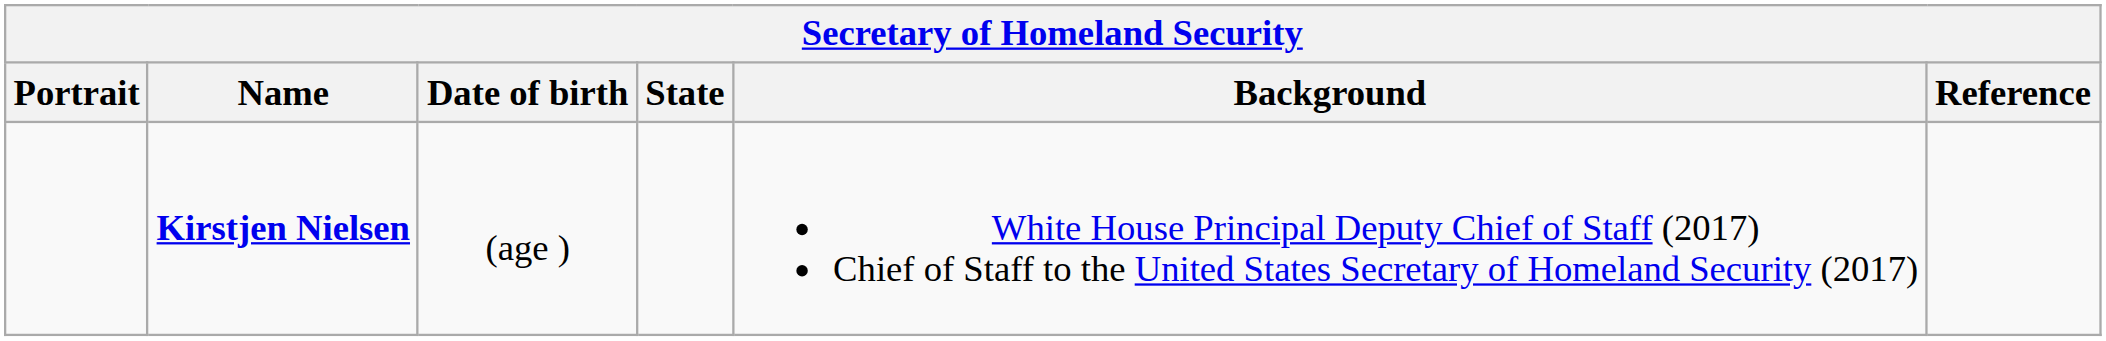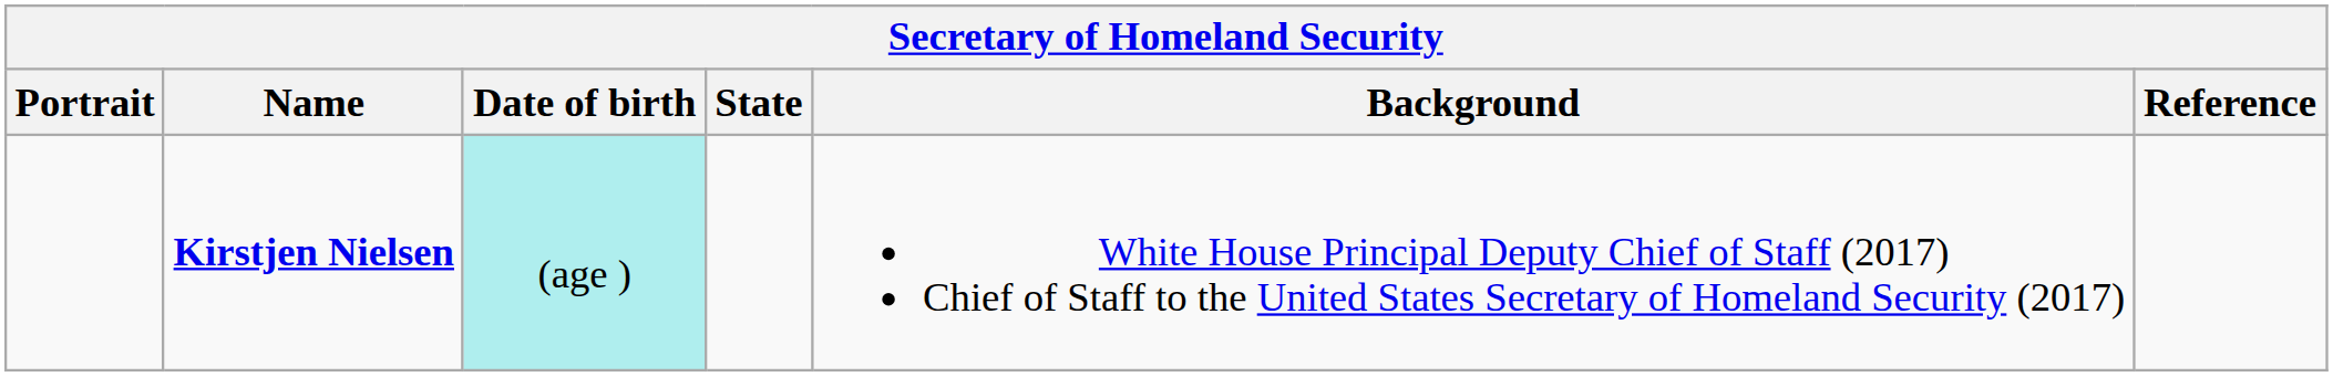 <table class="wikitable collapsible" style="text-align:center;">
 <tr>
 <th colspan="6"><a href='#'>Secretary of Homeland Security</a></th>
 </tr>
 <tr>
 <th>Portrait</th>
 <th>Name</th>
 <th>Date of birth</th>
 <th>State</th>
 <th>Background</th>
 <th>Reference</th>
 </tr>
 <tr>
 <td></td>
 <td><strong><a href='#'>Kirstjen Nielsen</a></strong></td>
-<td><br>(age )</td>
+<td style="background: paleturquoise;"><br>(age )</td>
 <td></td>
 <td><br><ul><li><a href='#'>White House Principal Deputy Chief of Staff</a> (2017)</li><li>Chief of Staff to the <a href='#'>United States Secretary of Homeland Security</a> (2017)</li></ul></td>
 <td></td>
 </tr>
 </table>
